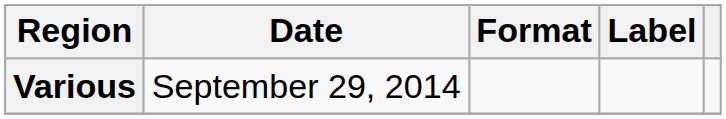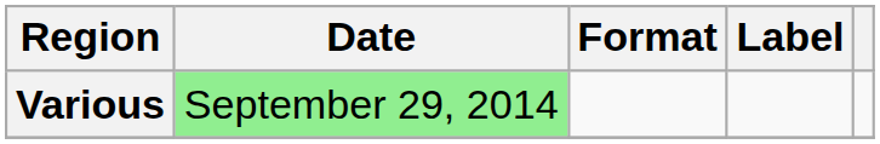 <table class="wikitable plainrowheaders">
 <tr>
 <th scope="col">Region</th>
 <th scope="col">Date</th>
 <th scope="col">Format</th>
 <th scope="col">Label</th>
 <th scope="col"></th>
 </tr>
 <tr>
 <th scope="row">Various</th>
-<td>September 29, 2014</td>
+<td style="background: lightgreen;">September 29, 2014</td>
 <td></td>
 <td></td>
 <td align="center"></td>
 </tr>
 <tr>
 </tr>
 </table>
